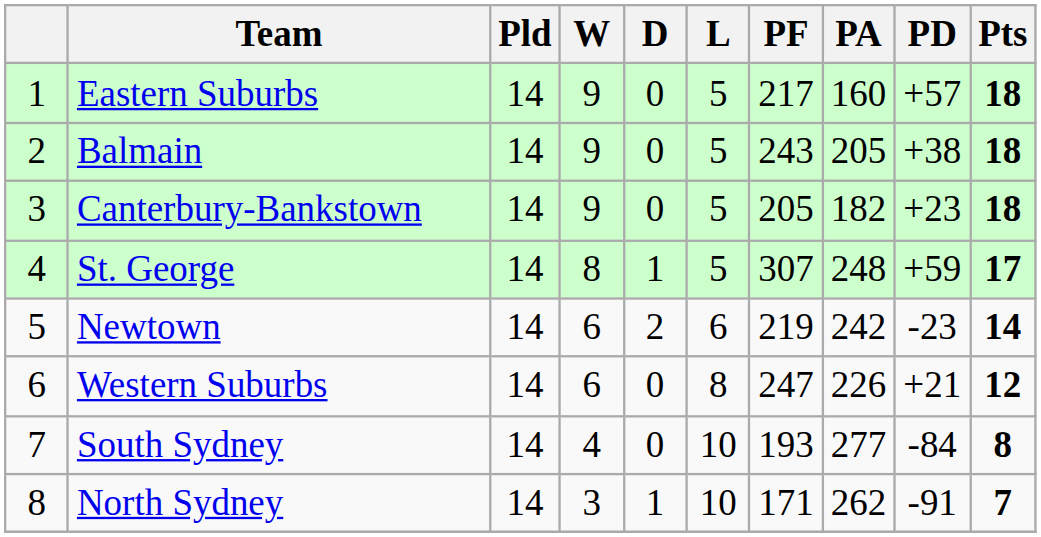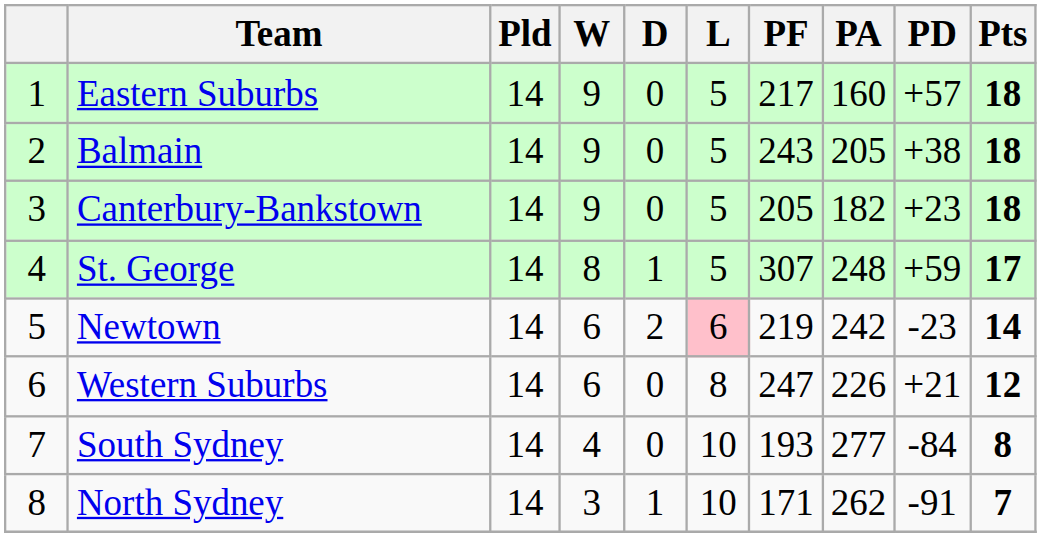 <table class="wikitable" style="text-align:center;">
 <tr>
 <th width=20 abbr="Position"></th>
 <th width=175>Team</th>
 <th width=20 abbr="Played">Pld</th>
 <th width=20 abbr="Won">W</th>
 <th width=20 abbr="Drawn">D</th>
 <th width=20 abbr="Lost">L</th>
 <th width=20 abbr="Points for">PF</th>
 <th width=20 abbr="Points against">PA</th>
 <th width=20 abbr="Points difference">PD</th>
 <th width=20 abbr="Points">Pts</th>
 </tr>
 <tr style="background: #ccffcc;">
 <td>1</td>
 <td style="text-align:left;"> <a href='#'>Eastern Suburbs</a></td>
 <td>14</td>
 <td>9</td>
 <td>0</td>
 <td>5</td>
 <td>217</td>
 <td>160</td>
 <td>+57</td>
 <td><strong>18</strong></td>
 </tr>
 <tr style="background: #ccffcc;">
 <td>2</td>
 <td style="text-align:left;"> <a href='#'>Balmain</a></td>
 <td>14</td>
 <td>9</td>
 <td>0</td>
 <td>5</td>
 <td>243</td>
 <td>205</td>
 <td>+38</td>
 <td><strong>18</strong></td>
 </tr>
 <tr style="background: #ccffcc;">
 <td>3</td>
 <td style="text-align:left;"> <a href='#'>Canterbury-Bankstown</a></td>
 <td>14</td>
 <td>9</td>
 <td>0</td>
 <td>5</td>
 <td>205</td>
 <td>182</td>
 <td>+23</td>
 <td><strong>18</strong></td>
 </tr>
 <tr style="background: #ccffcc;">
 <td>4</td>
 <td style="text-align:left;"> <a href='#'>St. George</a></td>
 <td>14</td>
 <td>8</td>
 <td>1</td>
 <td>5</td>
 <td>307</td>
 <td>248</td>
 <td>+59</td>
 <td><strong>17</strong></td>
 </tr>
 <tr>
 <td>5</td>
 <td style="text-align:left;"> <a href='#'>Newtown</a></td>
 <td>14</td>
 <td>6</td>
 <td>2</td>
-<td>6</td>
+<td style="background: pink;">6</td>
 <td>219</td>
 <td>242</td>
 <td>-23</td>
 <td><strong>14</strong></td>
 </tr>
 <tr>
 <td>6</td>
 <td style="text-align:left;"> <a href='#'>Western Suburbs</a></td>
 <td>14</td>
 <td>6</td>
 <td>0</td>
 <td>8</td>
 <td>247</td>
 <td>226</td>
 <td>+21</td>
 <td><strong>12</strong></td>
 </tr>
 <tr>
 <td>7</td>
 <td style="text-align:left;"> <a href='#'>South Sydney</a></td>
 <td>14</td>
 <td>4</td>
 <td>0</td>
 <td>10</td>
 <td>193</td>
 <td>277</td>
 <td>-84</td>
 <td><strong>8</strong></td>
 </tr>
 <tr>
 <td>8</td>
 <td style="text-align:left;"> <a href='#'>North Sydney</a></td>
 <td>14</td>
 <td>3</td>
 <td>1</td>
 <td>10</td>
 <td>171</td>
 <td>262</td>
 <td>-91</td>
 <td><strong>7</strong></td>
 </tr>
 <tr>
 </tr>
 </table>
